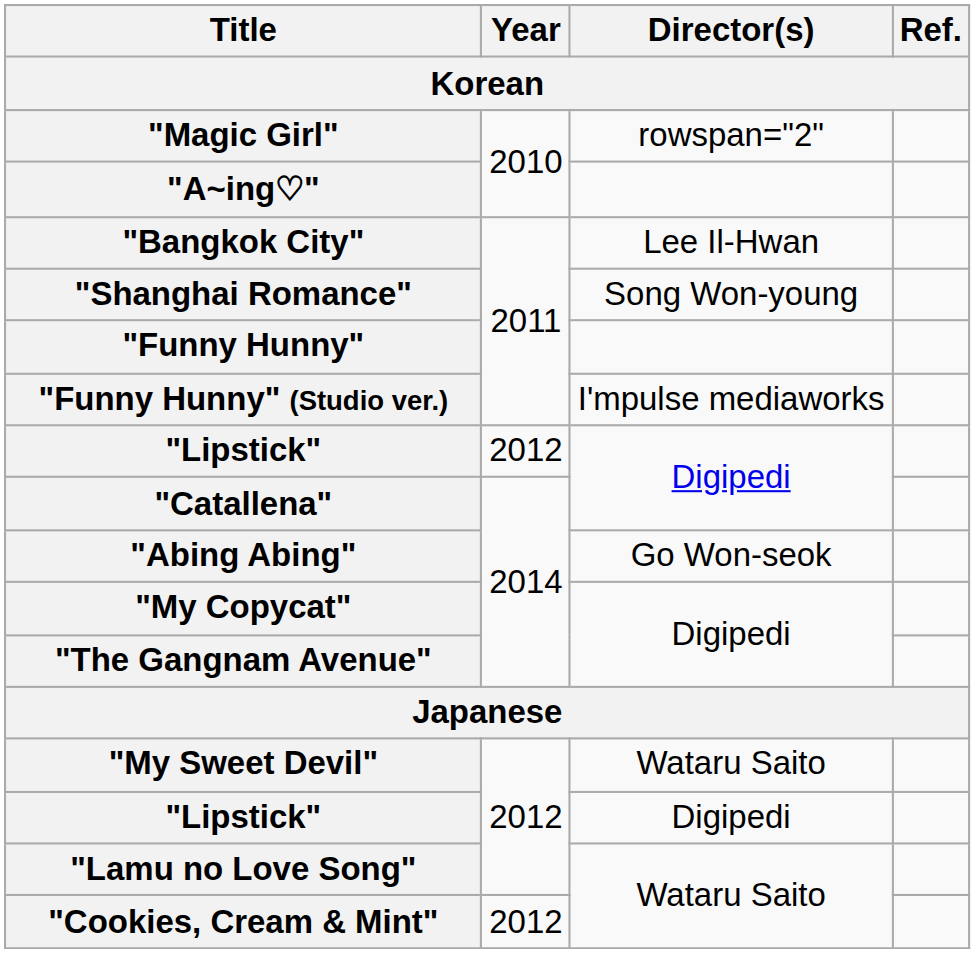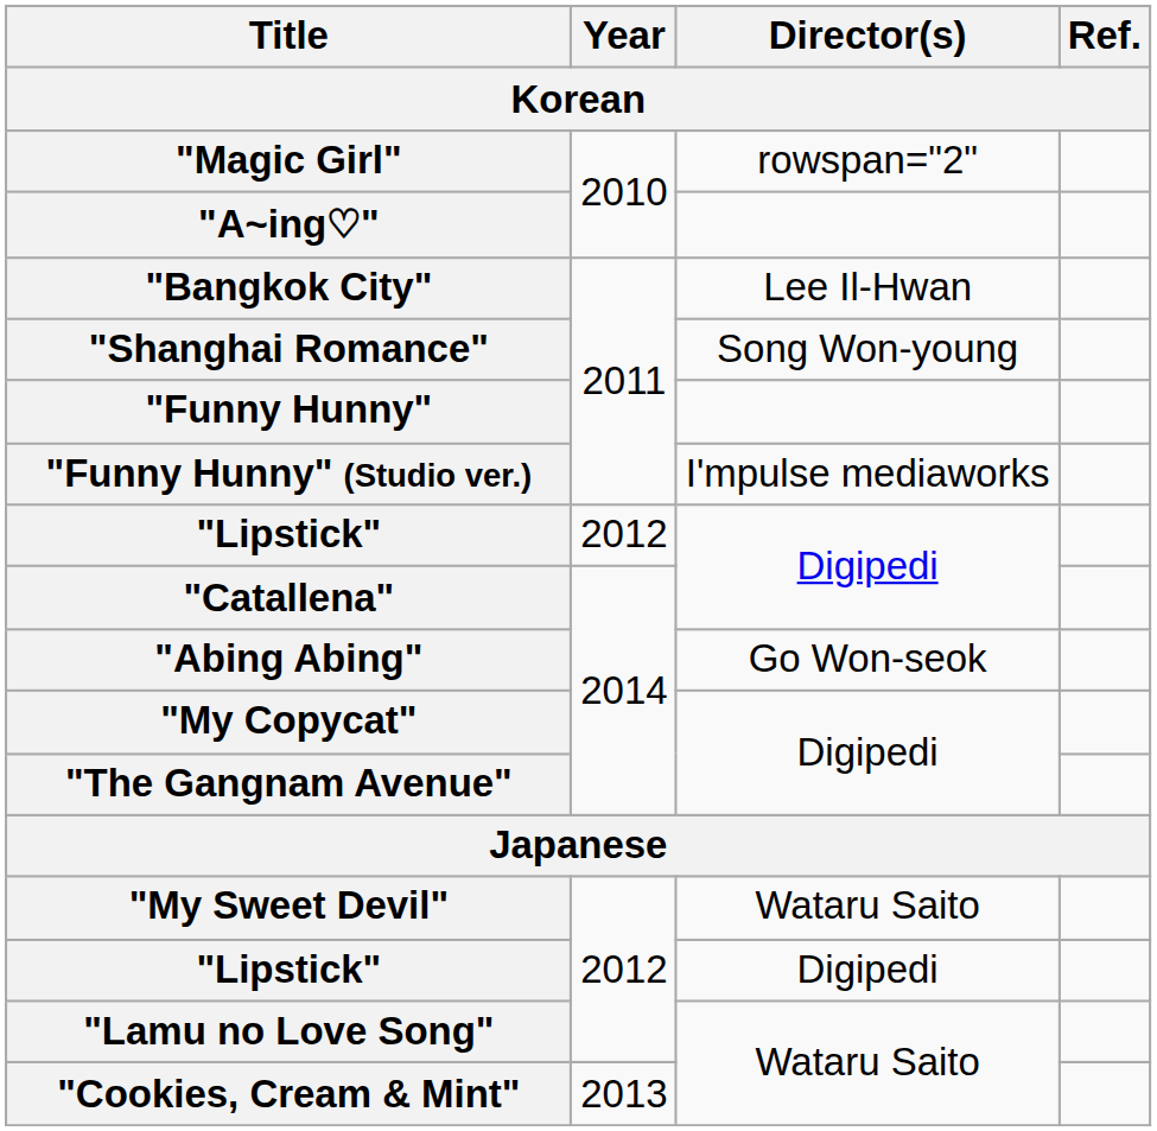 <table class="wikitable plainrowheaders" style="text-align:center;">
 <tr>
 <th scope="col" style="width:14em;">Title</th>
 <th scope="col">Year</th>
 <th scope="col">Director(s)</th>
 <th scope="col">Ref.</th>
 </tr>
 <tr>
 <th colspan="4">Korean</th>
 </tr>
 <tr>
 <th scope="row">"Magic Girl"</th>
 <td rowspan="2">2010</td>
 <td>rowspan="2" </td>
 <td></td>
 </tr>
 <tr>
 <th scope="row">"A~ing♡"</th>
 <td></td>
 </tr>
 <tr>
 <th scope="row">"Bangkok City"</th>
 <td rowspan="4">2011</td>
 <td>Lee Il-Hwan</td>
 <td></td>
 </tr>
 <tr>
 <th scope="row">"Shanghai Romance"</th>
 <td rowspan="1">Song Won-young</td>
 <td></td>
 </tr>
 <tr>
 <th scope="row">"Funny Hunny"</th>
 <td></td>
 <td></td>
 </tr>
 <tr>
 <th scope="row">"Funny Hunny" <small>(Studio ver.)</small></th>
 <td>I'mpulse mediaworks</td>
 <td></td>
 </tr>
 <tr>
 <th scope="row">"Lipstick"</th>
 <td>2012</td>
 <td rowspan="2"><a href='#'>Digipedi</a></td>
 <td></td>
 </tr>
 <tr>
 <th scope="row">"Catallena"</th>
 <td rowspan="4">2014</td>
 <td></td>
 </tr>
 <tr>
 <th scope="row">"Abing Abing"</th>
 <td>Go Won-seok</td>
 <td></td>
 </tr>
 <tr>
 <th scope="row">"My Copycat"</th>
 <td rowspan="2">Digipedi</td>
 <td></td>
 </tr>
 <tr>
 <th scope="row">"The Gangnam Avenue"</th>
 <td></td>
 </tr>
 <tr>
 <th colspan="4">Japanese</th>
 </tr>
 <tr>
 <th scope="row">"My Sweet Devil"</th>
 <td rowspan="3">2012</td>
 <td>Wataru Saito</td>
 <td></td>
 </tr>
 <tr>
 <th scope="row">"Lipstick"</th>
 <td>Digipedi</td>
 <td></td>
 </tr>
 <tr>
 <th scope="row">"Lamu no Love Song"</th>
 <td rowspan="2">Wataru Saito</td>
 <td></td>
 </tr>
 <tr>
 <th scope="row">"Cookies, Cream & Mint"</th>
-<td>2012</td>
+<td>2013</td>
 <td></td>
 </tr>
 <tr>
 </tr>
 </table>
